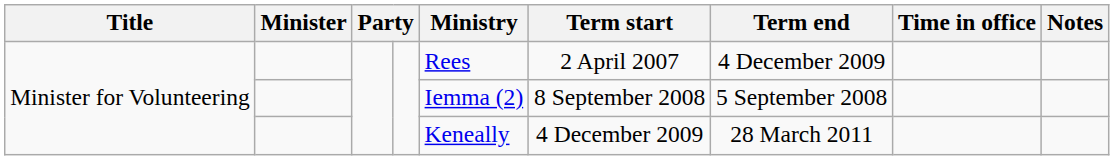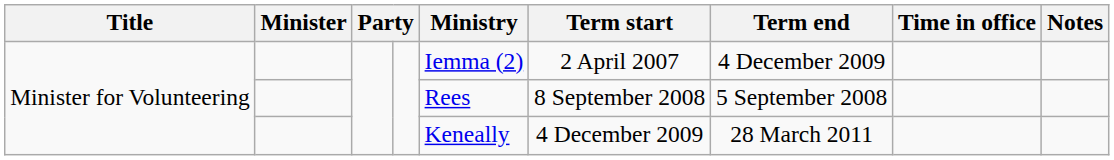 <table class="wikitable sortable">
 <tr>
 <th>Title</th>
 <th>Minister</th>
 <th colspan=2>Party</th>
 <th>Ministry</th>
 <th>Term start</th>
 <th>Term end</th>
 <th>Time in office</th>
 <th class="unsortable">Notes</th>
 </tr>
 <tr>
 <td rowspan="3">Minister for Volunteering</td>
 <td></td>
 <td rowspan="3" > </td>
 <td rowspan="3"></td>
-<td><a href='#'>Rees</a></td>
+<td><a href='#'>Iemma (2)</a></td>
 <td align=center>2 April 2007</td>
 <td align=center>4 December 2009</td>
 <td align=right></td>
 <td align=center></td>
 </tr>
 <tr>
 <td></td>
-<td><a href='#'>Iemma (2)</a></td>
+<td><a href='#'>Rees</a></td>
 <td align=center>8 September 2008</td>
 <td align=center>5 September 2008</td>
 <td align=right></td>
 <td></td>
 </tr>
 <tr>
 <td></td>
 <td><a href='#'>Keneally</a></td>
 <td align=center>4 December 2009</td>
 <td align=center>28 March 2011</td>
 <td align=right></td>
 <td></td>
 </tr>
 </table>
